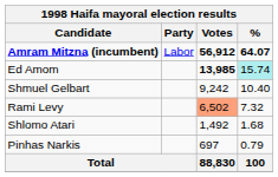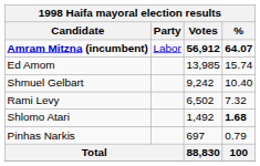 <table class="wikitable sortable">
 <tr>
 <th colspan=4><strong>1998 Haifa mayoral election results</strong></th>
 </tr>
 <tr>
 <th>Candidate</th>
 <th>Party</th>
 <th>Votes</th>
 <th>%</th>
 </tr>
 <tr>
 <td><strong><a href='#'>Amram Mitzna</a> (incumbent)</strong></td>
 <td><a href='#'>Labor</a></td>
 <td><strong>56,912</strong></td>
 <td><strong>64.07</strong></td>
 </tr>
 <tr>
 <td>Ed Amom</td>
 <td></td>
-<td><strong>13,985</strong></td>
-<td style="background: paleturquoise;">15.74</td>
+<td>13,985</td>
+<td>15.74</td>
 </tr>
 <tr>
 <td>Shmuel Gelbart</td>
 <td></td>
 <td>9,242</td>
 <td>10.40</td>
 </tr>
 <tr>
 <td>Rami Levy</td>
 <td></td>
-<td style="background: lightsalmon;">6,502</td>
+<td>6,502</td>
 <td>7.32</td>
 </tr>
 <tr>
 <td>Shlomo Atari</td>
 <td></td>
 <td>1,492</td>
-<td>1.68</td>
+<td><strong>1.68</strong></td>
 </tr>
 <tr>
 <td>Pinhas Narkis</td>
 <td></td>
 <td>697</td>
 <td>0.79</td>
 </tr>
 <tr>
 <th colspan=2>Total</th>
 <th>88,830</th>
 <th>100</th>
 </tr>
 <tr>
 </tr>
 </table>
